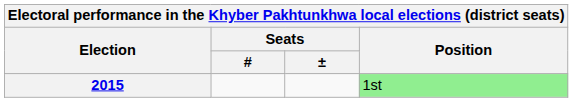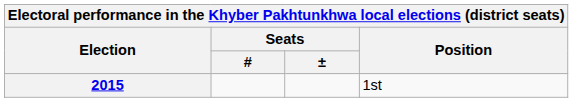 <table class="wikitable sortable">
 <tr>
 <th colspan="4">Electoral performance in the <a href='#'>Khyber Pakhtunkhwa local elections</a> (district seats)</th>
 </tr>
 <tr>
 <th rowspan="2">Election</th>
 <th colspan="2">Seats</th>
 <th rowspan="2">Position</th>
 </tr>
 <tr>
 <th>#</th>
 <th>±</th>
 </tr>
 <tr>
 <th><a href='#'>2015</a></th>
 <td></td>
 <td></td>
-<td style="background: lightgreen;">1st</td>
+<td>1st</td>
 </tr>
 </table>
